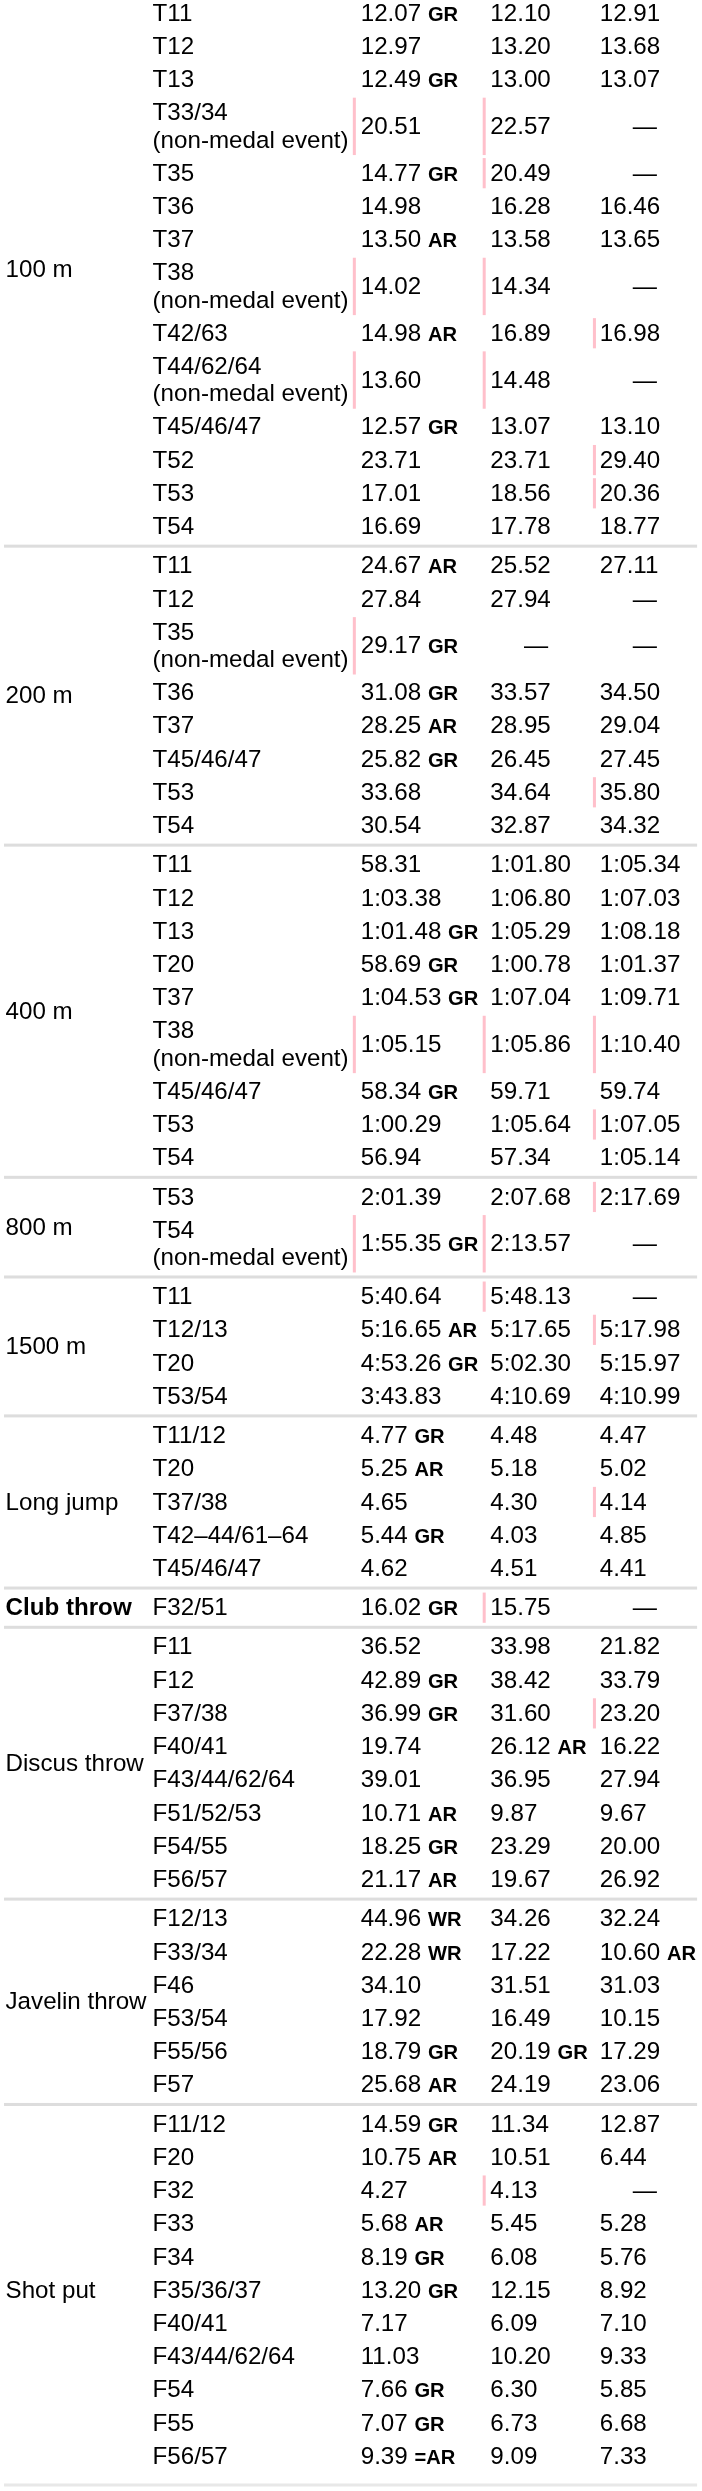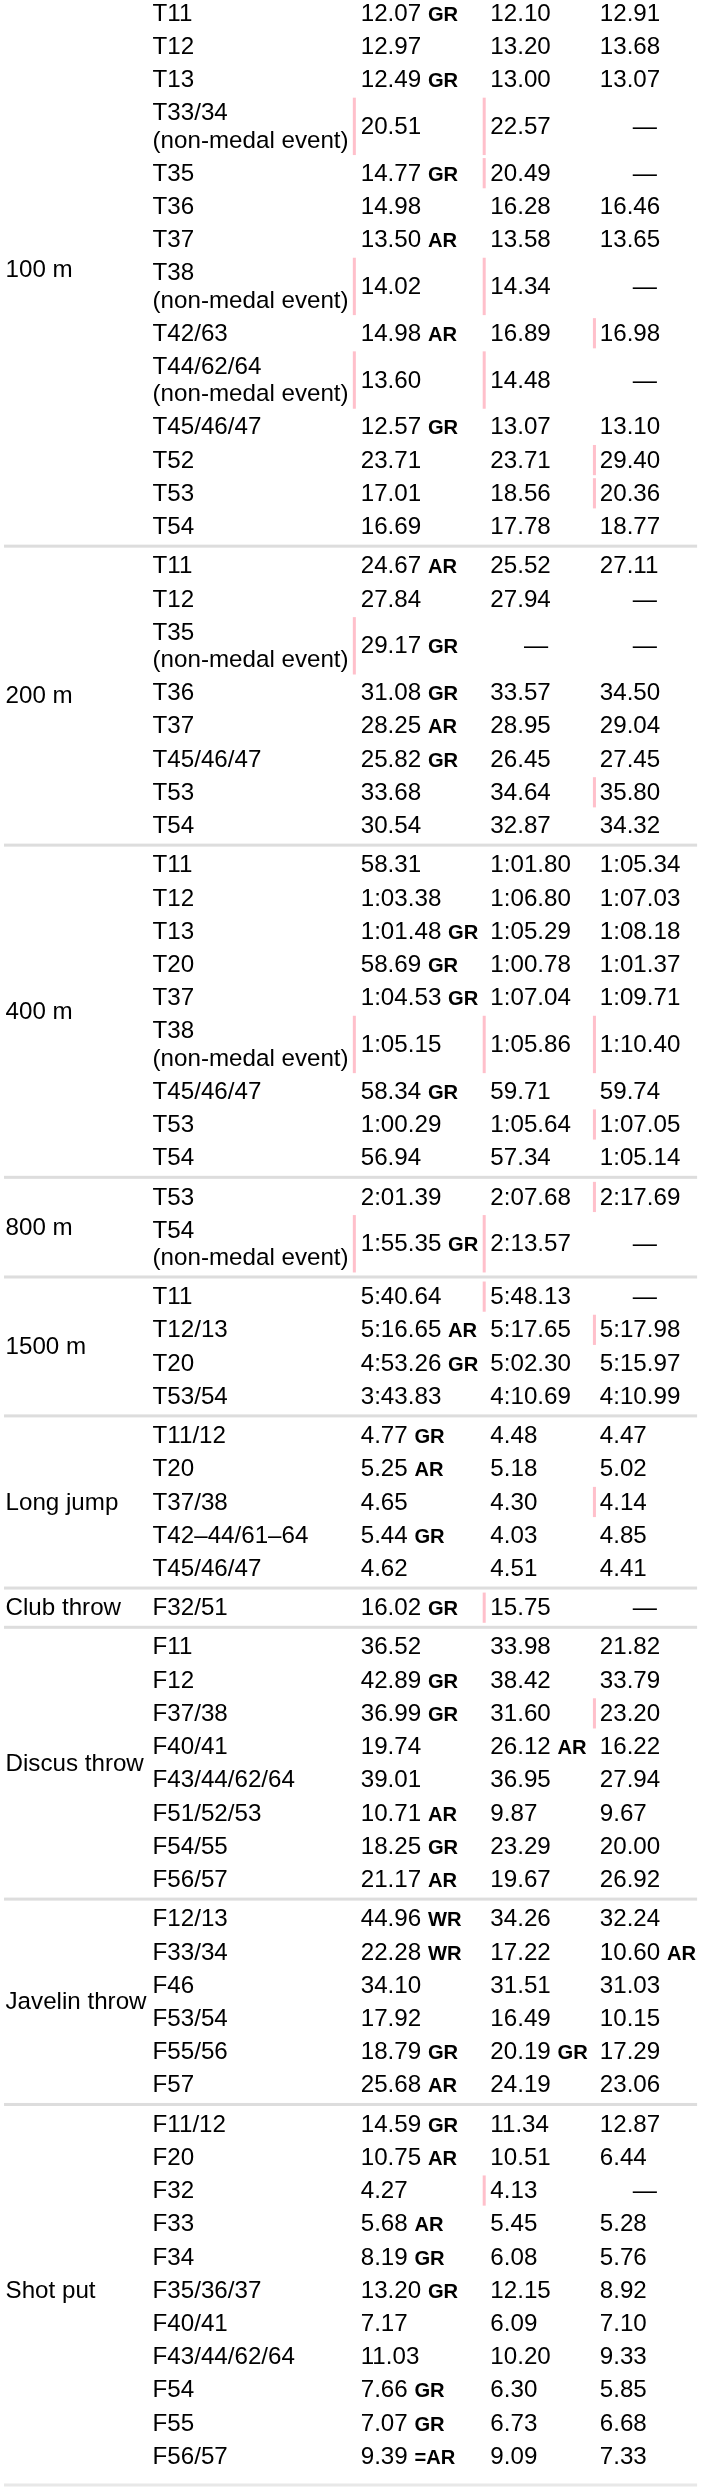 <table>
 <tr>
 <td rowspan=14>100 m</td>
 <td>T11</td>
 <td></td>
 <td>12.07 <small><strong>GR</strong></small></td>
 <td></td>
 <td>12.10</td>
 <td></td>
 <td>12.91</td>
 </tr>
 <tr>
 <td>T12</td>
 <td></td>
 <td>12.97</td>
 <td></td>
 <td>13.20</td>
 <td></td>
 <td>13.68</td>
 </tr>
 <tr>
 <td>T13</td>
 <td></td>
 <td>12.49 <small><strong>GR</strong></small></td>
 <td></td>
 <td>13.00</td>
 <td></td>
 <td>13.07</td>
 </tr>
 <tr>
 <td>T33/34<br>(non-medal event)</td>
 <td bgcolor="#FFC0CB"></td>
 <td>20.51</td>
 <td bgcolor="#FFC0CB"></td>
 <td>22.57</td>
 <td colspan=2 align=center>—</td>
 </tr>
 <tr>
 <td>T35</td>
 <td></td>
 <td>14.77 <small><strong>GR</strong></small></td>
 <td bgcolor="#FFC0CB"></td>
 <td>20.49</td>
 <td colspan=2 align=center>—</td>
 </tr>
 <tr>
 <td>T36</td>
 <td></td>
 <td>14.98</td>
 <td></td>
 <td>16.28</td>
 <td></td>
 <td>16.46</td>
 </tr>
 <tr>
 <td>T37</td>
 <td></td>
 <td>13.50 <small><strong>AR</strong></small></td>
 <td></td>
 <td>13.58</td>
 <td></td>
 <td>13.65</td>
 </tr>
 <tr>
 <td>T38<br>(non-medal event)</td>
 <td bgcolor="#FFC0CB"></td>
 <td>14.02</td>
 <td bgcolor="#FFC0CB"></td>
 <td>14.34</td>
 <td colspan=2 align=center>—</td>
 </tr>
 <tr>
 <td>T42/63</td>
 <td></td>
 <td>14.98 <small><strong>AR</strong></small></td>
 <td></td>
 <td>16.89</td>
 <td bgcolor="#FFC0CB"></td>
 <td>16.98</td>
 </tr>
 <tr>
 <td>T44/62/64<br>(non-medal event)</td>
 <td bgcolor="#FFC0CB"></td>
 <td>13.60</td>
 <td bgcolor="#FFC0CB"></td>
 <td>14.48</td>
 <td colspan=2 align=center>—</td>
 </tr>
 <tr>
 <td>T45/46/47</td>
 <td></td>
 <td>12.57 <small><strong>GR</strong></small></td>
 <td></td>
 <td>13.07</td>
 <td></td>
 <td>13.10</td>
 </tr>
 <tr>
 <td>T52</td>
 <td></td>
 <td>23.71</td>
 <td></td>
 <td>23.71</td>
 <td bgcolor="#FFC0CB"></td>
 <td>29.40</td>
 </tr>
 <tr>
 <td>T53</td>
 <td></td>
 <td>17.01</td>
 <td></td>
 <td>18.56</td>
 <td bgcolor="#FFC0CB"></td>
 <td>20.36</td>
 </tr>
 <tr>
 <td>T54</td>
 <td></td>
 <td>16.69</td>
 <td></td>
 <td>17.78</td>
 <td></td>
 <td>18.77</td>
 </tr>
 <tr bgcolor=#dddddd>
 <td colspan=8></td>
 </tr>
 <tr>
 <td rowspan=8>200 m</td>
 <td>T11</td>
 <td></td>
 <td>24.67 <small><strong>AR</strong></small></td>
 <td></td>
 <td>25.52</td>
 <td></td>
 <td>27.11</td>
 </tr>
 <tr>
 <td>T12</td>
 <td></td>
 <td>27.84</td>
 <td></td>
 <td>27.94</td>
 <td colspan=2 align=center>—</td>
 </tr>
 <tr>
 <td>T35<br>(non-medal event)</td>
 <td bgcolor="#FFC0CB"></td>
 <td>29.17 <small><strong>GR</strong></small></td>
 <td colspan=2 align=center>—</td>
 <td colspan=2 align=center>—</td>
 </tr>
 <tr>
 <td>T36</td>
 <td></td>
 <td>31.08 <small><strong>GR</strong></small></td>
 <td></td>
 <td>33.57</td>
 <td></td>
 <td>34.50</td>
 </tr>
 <tr>
 <td>T37</td>
 <td></td>
 <td>28.25 <small><strong>AR</strong></small></td>
 <td></td>
 <td>28.95</td>
 <td></td>
 <td>29.04</td>
 </tr>
 <tr>
 <td>T45/46/47</td>
 <td></td>
 <td>25.82 <small><strong>GR</strong></small></td>
 <td></td>
 <td>26.45</td>
 <td></td>
 <td>27.45</td>
 </tr>
 <tr>
 <td>T53</td>
 <td></td>
 <td>33.68</td>
 <td></td>
 <td>34.64</td>
 <td bgcolor="#FFC0CB"></td>
 <td>35.80</td>
 </tr>
 <tr>
 <td>T54</td>
 <td></td>
 <td>30.54</td>
 <td></td>
 <td>32.87</td>
 <td></td>
 <td>34.32</td>
 </tr>
 <tr bgcolor=#dddddd>
 <td colspan=8></td>
 </tr>
 <tr>
 <td rowspan=9>400 m</td>
 <td>T11</td>
 <td></td>
 <td>58.31</td>
 <td></td>
 <td>1:01.80</td>
 <td></td>
 <td>1:05.34</td>
 </tr>
 <tr>
 <td>T12</td>
 <td></td>
 <td>1:03.38</td>
 <td></td>
 <td>1:06.80</td>
 <td></td>
 <td>1:07.03</td>
 </tr>
 <tr>
 <td>T13</td>
 <td></td>
 <td>1:01.48 <small><strong>GR</strong></small></td>
 <td></td>
 <td>1:05.29</td>
 <td></td>
 <td>1:08.18</td>
 </tr>
 <tr>
 <td>T20</td>
 <td></td>
 <td>58.69 <small><strong>GR</strong></small></td>
 <td></td>
 <td>1:00.78</td>
 <td></td>
 <td>1:01.37</td>
 </tr>
 <tr>
 <td>T37</td>
 <td></td>
 <td>1:04.53 <small><strong>GR</strong></small></td>
 <td></td>
 <td>1:07.04</td>
 <td></td>
 <td>1:09.71</td>
 </tr>
 <tr>
 <td>T38<br>(non-medal event)</td>
 <td bgcolor="#FFC0CB"></td>
 <td>1:05.15</td>
 <td bgcolor="#FFC0CB"></td>
 <td>1:05.86</td>
 <td bgcolor="#FFC0CB"></td>
 <td>1:10.40</td>
 </tr>
 <tr>
 <td>T45/46/47</td>
 <td></td>
 <td>58.34 <small><strong>GR</strong></small></td>
 <td></td>
 <td>59.71</td>
 <td></td>
 <td>59.74</td>
 </tr>
 <tr>
 <td>T53</td>
 <td></td>
 <td>1:00.29</td>
 <td></td>
 <td>1:05.64</td>
 <td bgcolor="#FFC0CB"></td>
 <td>1:07.05</td>
 </tr>
 <tr>
 <td>T54</td>
 <td></td>
 <td>56.94</td>
 <td></td>
 <td>57.34</td>
 <td></td>
 <td>1:05.14</td>
 </tr>
 <tr bgcolor=#dddddd>
 <td colspan=8></td>
 </tr>
 <tr>
 <td rowspan=2>800 m</td>
 <td>T53</td>
 <td></td>
 <td>2:01.39</td>
 <td></td>
 <td>2:07.68</td>
 <td bgcolor="#FFC0CB"></td>
 <td>2:17.69</td>
 </tr>
 <tr>
 <td>T54<br>(non-medal event)</td>
 <td bgcolor="#FFC0CB"></td>
 <td>1:55.35 <small><strong>GR</strong></small></td>
 <td bgcolor="#FFC0CB"></td>
 <td>2:13.57</td>
 <td colspan=2 align=center>—</td>
 </tr>
 <tr bgcolor=#dddddd>
 <td colspan=8></td>
 </tr>
 <tr>
 <td rowspan=4>1500 m</td>
 <td>T11</td>
 <td></td>
 <td>5:40.64</td>
 <td bgcolor="#FFC0CB"></td>
 <td>5:48.13</td>
 <td colspan=2 align=center>—</td>
 </tr>
 <tr>
 <td>T12/13</td>
 <td></td>
 <td>5:16.65 <small><strong>AR</strong></small></td>
 <td></td>
 <td>5:17.65</td>
 <td bgcolor="#FFC0CB"></td>
 <td>5:17.98</td>
 </tr>
 <tr>
 <td>T20</td>
 <td></td>
 <td>4:53.26 <small><strong>GR</strong></small></td>
 <td></td>
 <td>5:02.30</td>
 <td></td>
 <td>5:15.97</td>
 </tr>
 <tr>
 <td>T53/54</td>
 <td></td>
 <td>3:43.83</td>
 <td></td>
 <td>4:10.69</td>
 <td></td>
 <td>4:10.99</td>
 </tr>
 <tr bgcolor=#dddddd>
 <td colspan=8></td>
 </tr>
 <tr>
 <td rowspan=5>Long jump</td>
 <td>T11/12</td>
 <td></td>
 <td>4.77 <small><strong>GR</strong></small></td>
 <td></td>
 <td>4.48</td>
 <td></td>
 <td>4.47</td>
 </tr>
 <tr>
 <td>T20</td>
 <td></td>
 <td>5.25 <small><strong>AR</strong></small></td>
 <td></td>
 <td>5.18</td>
 <td></td>
 <td>5.02</td>
 </tr>
 <tr>
 <td>T37/38</td>
 <td></td>
 <td>4.65</td>
 <td></td>
 <td>4.30</td>
 <td bgcolor="#FFC0CB"></td>
 <td>4.14</td>
 </tr>
 <tr>
 <td>T42–44/61–64</td>
 <td></td>
 <td>5.44 <small><strong>GR</strong></small></td>
 <td></td>
 <td>4.03</td>
 <td></td>
 <td>4.85</td>
 </tr>
 <tr>
 <td>T45/46/47</td>
 <td></td>
 <td>4.62</td>
 <td></td>
 <td>4.51</td>
 <td></td>
 <td>4.41</td>
 </tr>
 <tr bgcolor=#dddddd>
 <td colspan=8></td>
 </tr>
 <tr>
-<td rowspan=1><strong>Club throw</strong></td>
+<td rowspan=1>Club throw</td>
 <td>F32/51</td>
 <td></td>
 <td>16.02 <small><strong>GR</strong></small></td>
 <td bgcolor="#FFC0CB"></td>
 <td>15.75</td>
 <td colspan=2 align=center>—</td>
 </tr>
 <tr bgcolor=#dddddd>
 <td colspan=8></td>
 </tr>
 <tr>
 <td rowspan=8>Discus throw</td>
 <td>F11</td>
 <td></td>
 <td>36.52</td>
 <td></td>
 <td>33.98</td>
 <td></td>
 <td>21.82</td>
 </tr>
 <tr>
 <td>F12</td>
 <td></td>
 <td>42.89 <small><strong>GR</strong></small></td>
 <td></td>
 <td>38.42</td>
 <td></td>
 <td>33.79</td>
 </tr>
 <tr>
 <td>F37/38</td>
 <td></td>
 <td>36.99 <small><strong>GR</strong></small></td>
 <td></td>
 <td>31.60</td>
 <td bgcolor="#FFC0CB"></td>
 <td>23.20</td>
 </tr>
 <tr>
 <td>F40/41</td>
 <td></td>
 <td>19.74</td>
 <td></td>
 <td>26.12 <small><strong>AR</strong></small></td>
 <td></td>
 <td>16.22</td>
 </tr>
 <tr>
 <td>F43/44/62/64</td>
 <td></td>
 <td>39.01</td>
 <td></td>
 <td>36.95</td>
 <td></td>
 <td>27.94</td>
 </tr>
 <tr>
 <td>F51/52/53</td>
 <td></td>
 <td>10.71 <small><strong>AR</strong></small></td>
 <td></td>
 <td>9.87</td>
 <td></td>
 <td>9.67</td>
 </tr>
 <tr>
 <td>F54/55</td>
 <td></td>
 <td>18.25 <small><strong>GR</strong></small></td>
 <td></td>
 <td>23.29</td>
 <td></td>
 <td>20.00</td>
 </tr>
 <tr>
 <td>F56/57</td>
 <td></td>
 <td>21.17 <small><strong>AR</strong></small></td>
 <td></td>
 <td>19.67</td>
 <td></td>
 <td>26.92</td>
 </tr>
 <tr bgcolor=#dddddd>
 <td colspan=8></td>
 </tr>
 <tr>
 <td rowspan=6>Javelin throw</td>
 <td>F12/13</td>
 <td></td>
 <td>44.96 <small><strong>WR</strong></small></td>
 <td></td>
 <td>34.26</td>
 <td></td>
 <td>32.24</td>
 </tr>
 <tr>
 <td>F33/34</td>
 <td></td>
 <td>22.28 <small><strong>WR</strong></small></td>
 <td></td>
 <td>17.22</td>
 <td></td>
 <td>10.60 <small><strong>AR</strong></small></td>
 </tr>
 <tr>
 <td>F46</td>
 <td></td>
 <td>34.10</td>
 <td></td>
 <td>31.51</td>
 <td></td>
 <td>31.03</td>
 </tr>
 <tr>
 <td>F53/54</td>
 <td></td>
 <td>17.92</td>
 <td></td>
 <td>16.49</td>
 <td></td>
 <td>10.15</td>
 </tr>
 <tr>
 <td>F55/56</td>
 <td></td>
 <td>18.79 <small><strong>GR</strong></small></td>
 <td></td>
 <td>20.19 <small><strong>GR</strong></small></td>
 <td></td>
 <td>17.29</td>
 </tr>
 <tr>
 <td>F57</td>
 <td></td>
 <td>25.68 <small><strong>AR</strong></small></td>
 <td></td>
 <td>24.19</td>
 <td></td>
 <td>23.06</td>
 </tr>
 <tr bgcolor=#dddddd>
 <td colspan=8></td>
 </tr>
 <tr>
 <td rowspan=11>Shot put</td>
 <td>F11/12</td>
 <td></td>
 <td>14.59 <small><strong>GR</strong></small></td>
 <td></td>
 <td>11.34</td>
 <td></td>
 <td>12.87</td>
 </tr>
 <tr>
 <td>F20</td>
 <td></td>
 <td>10.75 <small><strong>AR</strong></small></td>
 <td></td>
 <td>10.51</td>
 <td></td>
 <td>6.44</td>
 </tr>
 <tr>
 <td>F32</td>
 <td></td>
 <td>4.27</td>
 <td bgcolor="#FFC0CB"></td>
 <td>4.13</td>
 <td colspan=2 align=center>—</td>
 </tr>
 <tr>
 <td>F33</td>
 <td></td>
 <td>5.68 <small><strong>AR</strong></small></td>
 <td></td>
 <td>5.45</td>
 <td></td>
 <td>5.28</td>
 </tr>
 <tr>
 <td>F34</td>
 <td></td>
 <td>8.19 <small><strong>GR</strong></small></td>
 <td></td>
 <td>6.08</td>
 <td></td>
 <td>5.76</td>
 </tr>
 <tr>
 <td>F35/36/37</td>
 <td></td>
 <td>13.20 <small><strong>GR</strong></small></td>
 <td></td>
 <td>12.15</td>
 <td></td>
 <td>8.92</td>
 </tr>
 <tr>
 <td>F40/41</td>
 <td></td>
 <td>7.17</td>
 <td></td>
 <td>6.09</td>
 <td></td>
 <td>7.10</td>
 </tr>
 <tr>
 <td>F43/44/62/64</td>
 <td></td>
 <td>11.03</td>
 <td></td>
 <td>10.20</td>
 <td></td>
 <td>9.33</td>
 </tr>
 <tr>
 <td>F54</td>
 <td></td>
 <td>7.66 <small><strong>GR</strong></small></td>
 <td></td>
 <td>6.30</td>
 <td></td>
 <td>5.85</td>
 </tr>
 <tr>
 <td>F55</td>
 <td></td>
 <td>7.07 <small><strong>GR</strong></small></td>
 <td></td>
 <td>6.73</td>
 <td></td>
 <td>6.68</td>
 </tr>
 <tr>
 <td>F56/57</td>
 <td></td>
 <td>9.39 <small><strong>=AR</strong></small></td>
 <td></td>
 <td>9.09</td>
 <td></td>
 <td>7.33</td>
 </tr>
 <tr>
 <td colspan=8></td>
 </tr>
 <tr>
 </tr>
 <tr bgcolor= e8e8e8>
 <td colspan=8></td>
 </tr>
 </table>
